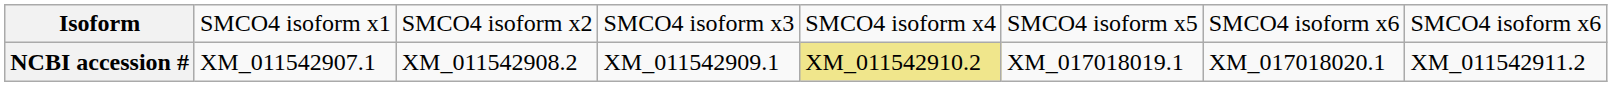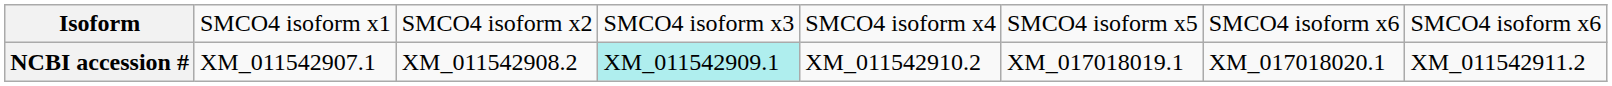 <table class="wikitable">
 <tr>
 <th>Isoform</th>
 <td>SMCO4 isoform x1</td>
 <td>SMCO4 isoform x2</td>
 <td>SMCO4 isoform x3</td>
 <td>SMCO4 isoform x4</td>
 <td>SMCO4 isoform x5</td>
 <td>SMCO4 isoform x6</td>
 <td>SMCO4 isoform x6</td>
 </tr>
 <tr>
 <th>NCBI accession #</th>
 <td>XM_011542907.1</td>
 <td>XM_011542908.2</td>
-<td>XM_011542909.1</td>
-<td style="background: khaki;">XM_011542910.2</td>
+<td style="background: paleturquoise;">XM_011542909.1</td>
+<td>XM_011542910.2</td>
 <td>XM_017018019.1</td>
 <td>XM_017018020.1</td>
 <td>XM_011542911.2</td>
 </tr>
 </table>
